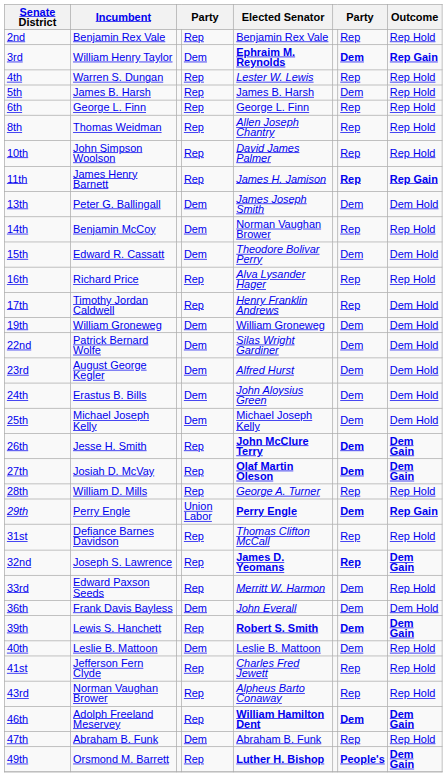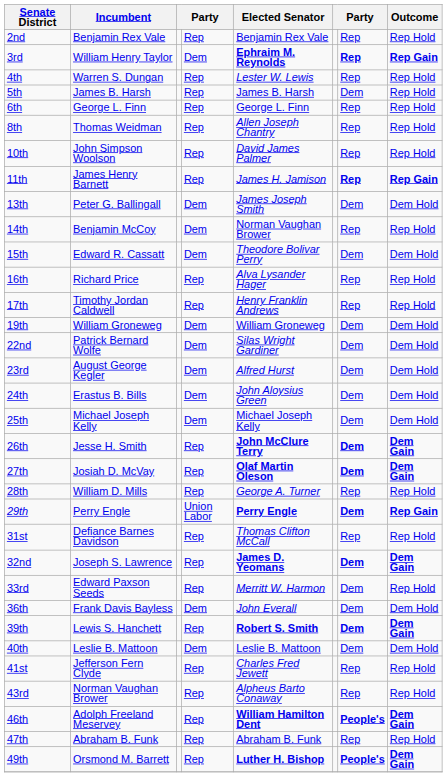 <table class="sortable wikitable" style="font-size:95%;line-height:14px;">
 <tr>
 <th class="sortable"><a href='#'>Senate</a> District</th>
 <th class="sortable"><a href='#'>Incumbent</a></th>
 <th colspan="2">Party</th>
 <th class="sortable">Elected Senator</th>
 <th colspan="2">Party</th>
 <th class="sortable">Outcome</th>
 </tr>
 <tr>
 <td><a href='#'>2nd</a></td>
 <td><a href='#'>Benjamin Rex Vale</a></td>
 <td style="background:"></td>
 <td><a href='#'>Rep</a></td>
 <td><a href='#'>Benjamin Rex Vale</a></td>
 <td style="background:"></td>
 <td><a href='#'>Rep</a></td>
 <td><a href='#'>Rep Hold</a></td>
 </tr>
 <tr>
 <td><a href='#'>3rd</a></td>
 <td><a href='#'>William Henry Taylor</a></td>
 <td style="background:"></td>
 <td><a href='#'>Dem</a></td>
 <td><strong><a href='#'>Ephraim M. Reynolds</a></strong></td>
 <td style="background:"></td>
-<td><strong><a href='#'>Dem</a></strong></td>
+<td><strong><a href='#'>Rep</a></strong></td>
 <td><strong><a href='#'>Rep Gain</a></strong></td>
 </tr>
 <tr>
 <td><a href='#'>4th</a></td>
 <td><a href='#'>Warren S. Dungan</a></td>
 <td style="background:"></td>
 <td><a href='#'>Rep</a></td>
 <td><em><a href='#'>Lester W. Lewis</a></em></td>
 <td style="background:"></td>
 <td><a href='#'>Rep</a></td>
 <td><a href='#'>Rep Hold</a></td>
 </tr>
 <tr>
 <td><a href='#'>5th</a></td>
 <td><a href='#'>James B. Harsh</a></td>
 <td style="background:"></td>
 <td><a href='#'>Rep</a></td>
 <td><a href='#'>James B. Harsh</a></td>
 <td style="background:"></td>
 <td><a href='#'>Dem</a></td>
 <td><a href='#'>Rep Hold</a></td>
 </tr>
 <tr>
 <td><a href='#'>6th</a></td>
 <td><a href='#'>George L. Finn</a></td>
 <td style="background:"></td>
 <td><a href='#'>Rep</a></td>
 <td><a href='#'>George L. Finn</a></td>
 <td style="background:"></td>
 <td><a href='#'>Rep</a></td>
 <td><a href='#'>Rep Hold</a></td>
 </tr>
 <tr>
 <td><a href='#'>8th</a></td>
 <td><a href='#'>Thomas Weidman</a></td>
 <td style="background:"></td>
 <td><a href='#'>Rep</a></td>
 <td><em><a href='#'>Allen Joseph Chantry</a></em></td>
 <td style="background:"></td>
 <td><a href='#'>Rep</a></td>
 <td><a href='#'>Rep Hold</a></td>
 </tr>
 <tr>
 <td><a href='#'>10th</a></td>
 <td><a href='#'>John Simpson Woolson</a></td>
 <td style="background:"></td>
 <td><a href='#'>Rep</a></td>
 <td><em><a href='#'>David James Palmer</a></em></td>
 <td style="background:"></td>
 <td><a href='#'>Rep</a></td>
 <td><a href='#'>Rep Hold</a></td>
 </tr>
 <tr>
 <td><a href='#'>11th</a></td>
 <td><a href='#'>James Henry Barnett</a></td>
 <td style="background:"></td>
 <td><a href='#'>Rep</a></td>
 <td><em><a href='#'>James H. Jamison</a></em></td>
 <td style="background:"></td>
 <td><strong><a href='#'>Rep</a></strong></td>
 <td><strong><a href='#'>Rep Gain</a></strong></td>
 </tr>
 <tr>
 <td><a href='#'>13th</a></td>
 <td><a href='#'>Peter G. Ballingall</a></td>
 <td style="background:"></td>
 <td><a href='#'>Dem</a></td>
 <td><em><a href='#'>James Joseph Smith</a></em></td>
 <td style="background:"></td>
 <td><a href='#'>Dem</a></td>
 <td><a href='#'>Dem Hold</a></td>
 </tr>
 <tr>
 <td><a href='#'>14th</a></td>
 <td><a href='#'>Benjamin McCoy</a></td>
 <td style="background:"></td>
 <td><a href='#'>Dem</a></td>
 <td><a href='#'>Norman Vaughan Brower</a></td>
 <td style="background:"></td>
 <td><a href='#'>Rep</a></td>
 <td><a href='#'>Rep Hold</a></td>
 </tr>
 <tr>
 <td><a href='#'>15th</a></td>
 <td><a href='#'>Edward R. Cassatt</a></td>
 <td style="background:"></td>
 <td><a href='#'>Dem</a></td>
 <td><em><a href='#'>Theodore Bolivar Perry</a></em></td>
 <td style="background:"></td>
 <td><a href='#'>Dem</a></td>
 <td><a href='#'>Dem Hold</a></td>
 </tr>
 <tr>
 <td><a href='#'>16th</a></td>
 <td><a href='#'>Richard Price</a></td>
 <td style="background:"></td>
 <td><a href='#'>Rep</a></td>
 <td><em><a href='#'>Alva Lysander Hager</a></em></td>
 <td style="background:"></td>
 <td><a href='#'>Rep</a></td>
 <td><a href='#'>Rep Hold</a></td>
 </tr>
 <tr>
 <td><a href='#'>17th</a></td>
 <td><a href='#'>Timothy Jordan Caldwell</a></td>
 <td style="background:"></td>
 <td><a href='#'>Rep</a></td>
 <td><em><a href='#'>Henry Franklin Andrews</a></em></td>
 <td style="background:"></td>
 <td><a href='#'>Rep</a></td>
-<td><a href='#'>Dem Hold</a></td>
+<td><a href='#'>Rep Hold</a></td>
 </tr>
 <tr>
 <td><a href='#'>19th</a></td>
 <td><a href='#'>William Groneweg</a></td>
 <td style="background:"></td>
 <td><a href='#'>Dem</a></td>
 <td><a href='#'>William Groneweg</a></td>
 <td style="background:"></td>
 <td><a href='#'>Dem</a></td>
 <td><a href='#'>Dem Hold</a></td>
 </tr>
 <tr>
 <td><a href='#'>22nd</a></td>
 <td><a href='#'>Patrick Bernard Wolfe</a></td>
 <td style="background:"></td>
 <td><a href='#'>Dem</a></td>
 <td><em><a href='#'>Silas Wright Gardiner</a></em></td>
 <td style="background:"></td>
 <td><a href='#'>Dem</a></td>
 <td><a href='#'>Dem Hold</a></td>
 </tr>
 <tr>
 <td><a href='#'>23rd</a></td>
 <td><a href='#'>August George Kegler</a></td>
 <td style="background:"></td>
 <td><a href='#'>Dem</a></td>
 <td><em><a href='#'>Alfred Hurst</a></em></td>
 <td style="background:"></td>
 <td><a href='#'>Dem</a></td>
 <td><a href='#'>Dem Hold</a></td>
 </tr>
 <tr>
 <td><a href='#'>24th</a></td>
 <td><a href='#'>Erastus B. Bills</a></td>
 <td style="background:"></td>
 <td><a href='#'>Dem</a></td>
 <td><em><a href='#'>John Aloysius Green</a></em></td>
 <td style="background:"></td>
 <td><a href='#'>Dem</a></td>
 <td><a href='#'>Dem Hold</a></td>
 </tr>
 <tr>
 <td><a href='#'>25th</a></td>
 <td><a href='#'>Michael Joseph Kelly</a></td>
 <td style="background:"></td>
 <td><a href='#'>Dem</a></td>
 <td><a href='#'>Michael Joseph Kelly</a></td>
 <td style="background:"></td>
 <td><a href='#'>Dem</a></td>
 <td><a href='#'>Dem Hold</a></td>
 </tr>
 <tr>
 <td><a href='#'>26th</a></td>
 <td><a href='#'>Jesse H. Smith</a></td>
 <td style="background:"></td>
 <td><a href='#'>Rep</a></td>
 <td><strong><a href='#'>John McClure Terry</a></strong></td>
 <td style="background:"></td>
 <td><strong><a href='#'>Dem</a></strong></td>
 <td><strong><a href='#'>Dem Gain</a></strong></td>
 </tr>
 <tr>
 <td><a href='#'>27th</a></td>
 <td><a href='#'>Josiah D. McVay</a></td>
 <td style="background:"></td>
 <td><a href='#'>Rep</a></td>
 <td><strong><a href='#'>Olaf Martin Oleson</a></strong></td>
 <td style="background:"></td>
 <td><strong><a href='#'>Dem</a></strong></td>
 <td><strong><a href='#'>Dem Gain</a></strong></td>
 </tr>
 <tr>
 <td><a href='#'>28th</a></td>
 <td><a href='#'>William D. Mills</a></td>
 <td style="background:"></td>
 <td><a href='#'>Rep</a></td>
 <td><em><a href='#'>George A. Turner</a></em></td>
 <td style="background:"></td>
 <td><a href='#'>Rep</a></td>
 <td><a href='#'>Rep Hold</a></td>
 </tr>
 <tr>
 <td><em><a href='#'>29th</a></em></td>
 <td><a href='#'>Perry Engle</a></td>
 <td style="background:"></td>
 <td><a href='#'>Union Labor</a></td>
 <td><strong><a href='#'>Perry Engle</a></strong></td>
 <td style="background:"></td>
 <td><strong><a href='#'>Dem</a></strong></td>
 <td><strong><a href='#'>Rep Gain</a></strong></td>
 </tr>
 <tr>
 <td><a href='#'>31st</a></td>
 <td><a href='#'>Defiance Barnes Davidson</a></td>
 <td style="background:"></td>
 <td><a href='#'>Rep</a></td>
 <td><em><a href='#'>Thomas Clifton McCall</a></em></td>
 <td style="background:"></td>
 <td><a href='#'>Rep</a></td>
 <td><a href='#'>Rep Hold</a></td>
 </tr>
 <tr>
 <td><a href='#'>32nd</a></td>
 <td><a href='#'>Joseph S. Lawrence</a></td>
 <td style="background:"></td>
 <td><a href='#'>Rep</a></td>
 <td><strong><a href='#'>James D. Yeomans</a></strong></td>
 <td style="background:"></td>
-<td><strong><a href='#'>Rep</a></strong></td>
+<td><strong><a href='#'>Dem</a></strong></td>
 <td><strong><a href='#'>Dem Gain</a></strong></td>
 </tr>
 <tr>
 <td><a href='#'>33rd</a></td>
 <td><a href='#'>Edward Paxson Seeds</a></td>
 <td style="background:"></td>
 <td><a href='#'>Rep</a></td>
 <td><em><a href='#'>Merritt W. Harmon</a></em></td>
 <td style="background:"></td>
 <td><a href='#'>Dem</a></td>
 <td><a href='#'>Rep Hold</a></td>
 </tr>
 <tr>
 <td><a href='#'>36th</a></td>
 <td><a href='#'>Frank Davis Bayless</a></td>
 <td style="background:"></td>
 <td><a href='#'>Dem</a></td>
 <td><em><a href='#'>John Everall</a></em></td>
 <td style="background:"></td>
 <td><a href='#'>Dem</a></td>
 <td><a href='#'>Dem Hold</a></td>
 </tr>
 <tr>
 <td><a href='#'>39th</a></td>
 <td><a href='#'>Lewis S. Hanchett</a></td>
 <td style="background:"></td>
 <td><a href='#'>Rep</a></td>
 <td><strong><a href='#'>Robert S. Smith</a></strong></td>
 <td style="background:"></td>
 <td><strong><a href='#'>Dem</a></strong></td>
 <td><strong><a href='#'>Dem Gain</a></strong></td>
 </tr>
 <tr>
 <td><a href='#'>40th</a></td>
 <td><a href='#'>Leslie B. Mattoon</a></td>
 <td style="background:"></td>
 <td><a href='#'>Dem</a></td>
 <td><a href='#'>Leslie B. Mattoon</a></td>
 <td style="background:"></td>
 <td><a href='#'>Dem</a></td>
-<td><a href='#'>Rep Hold</a></td>
+<td><a href='#'>Dem Hold</a></td>
 </tr>
 <tr>
 <td><a href='#'>41st</a></td>
 <td><a href='#'>Jefferson Fern Clyde</a></td>
 <td style="background:"></td>
 <td><a href='#'>Rep</a></td>
 <td><em><a href='#'>Charles Fred Jewett</a></em></td>
 <td style="background:"></td>
 <td><a href='#'>Rep</a></td>
 <td><a href='#'>Rep Hold</a></td>
 </tr>
 <tr>
 <td><a href='#'>43rd</a></td>
 <td><a href='#'>Norman Vaughan Brower</a></td>
 <td style="background:"></td>
 <td><a href='#'>Rep</a></td>
 <td><em><a href='#'>Alpheus Barto Conaway</a></em></td>
 <td style="background:"></td>
 <td><a href='#'>Rep</a></td>
 <td><a href='#'>Rep Hold</a></td>
 </tr>
 <tr>
 <td><a href='#'>46th</a></td>
 <td><a href='#'>Adolph Freeland Meservey</a></td>
 <td style="background:"></td>
 <td><a href='#'>Rep</a></td>
 <td><strong><a href='#'>William Hamilton Dent</a></strong></td>
 <td style="background:"></td>
-<td><strong><a href='#'>Dem</a></strong></td>
+<td><strong><a href='#'>People's</a></strong></td>
 <td><strong><a href='#'>Dem Gain</a></strong></td>
 </tr>
 <tr>
 <td><a href='#'>47th</a></td>
 <td><a href='#'>Abraham B. Funk</a></td>
 <td style="background:"></td>
-<td><a href='#'>Dem</a></td>
+<td><a href='#'>Rep</a></td>
 <td><a href='#'>Abraham B. Funk</a></td>
 <td style="background:"></td>
 <td><a href='#'>Rep</a></td>
 <td><a href='#'>Rep Hold</a></td>
 </tr>
 <tr>
 <td><a href='#'>49th</a></td>
 <td><a href='#'>Orsmond M. Barrett</a></td>
 <td style="background:"></td>
 <td><a href='#'>Rep</a></td>
 <td><strong><a href='#'>Luther H. Bishop</a></strong></td>
 <td style="background:"></td>
 <td><strong><a href='#'>People's</a></strong></td>
 <td><strong><a href='#'>Dem Gain</a></strong></td>
 </tr>
 <tr>
 </tr>
 </table>
